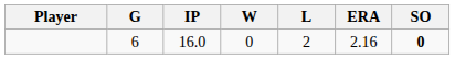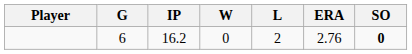 <table class="wikitable sortable">
 <tr>
 <th bgcolor="#DDDDFF" width="16%">Player</th>
 <th bgcolor="#DDDDFF" width="9%">G</th>
 <th bgcolor="#DDDDFF" width="9%">IP</th>
 <th bgcolor="#DDDDFF" width="9%">W</th>
 <th bgcolor="#DDDDFF" width="9%">L</th>
 <th bgcolor="#DDDDFF" width="9%">ERA</th>
 <th bgcolor="#DDDDFF" width="9%">SO</th>
 </tr>
 <tr align="center">
 <td></td>
 <td>6</td>
-<td>16.0</td>
+<td>16.2</td>
 <td>0</td>
 <td>2</td>
-<td>2.16</td>
+<td>2.76</td>
 <td><strong>0</strong></td>
 </tr>
 </table>
